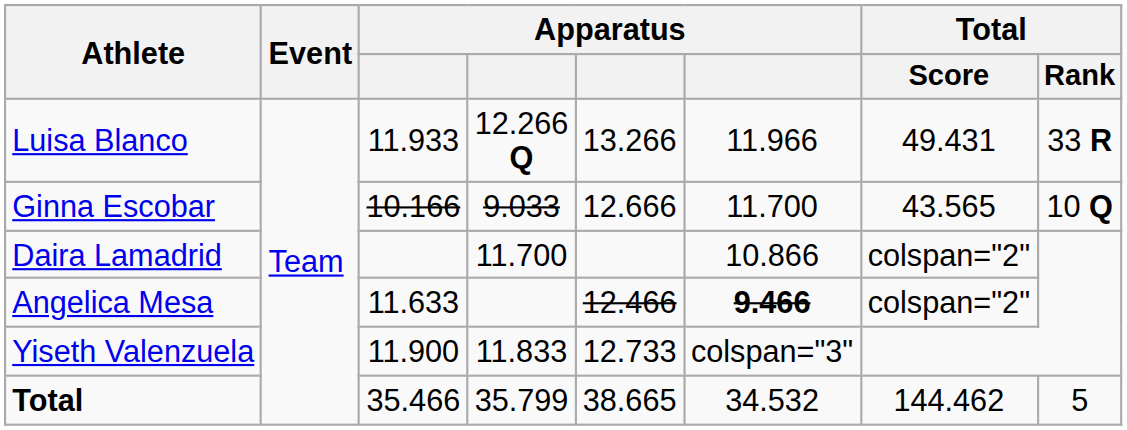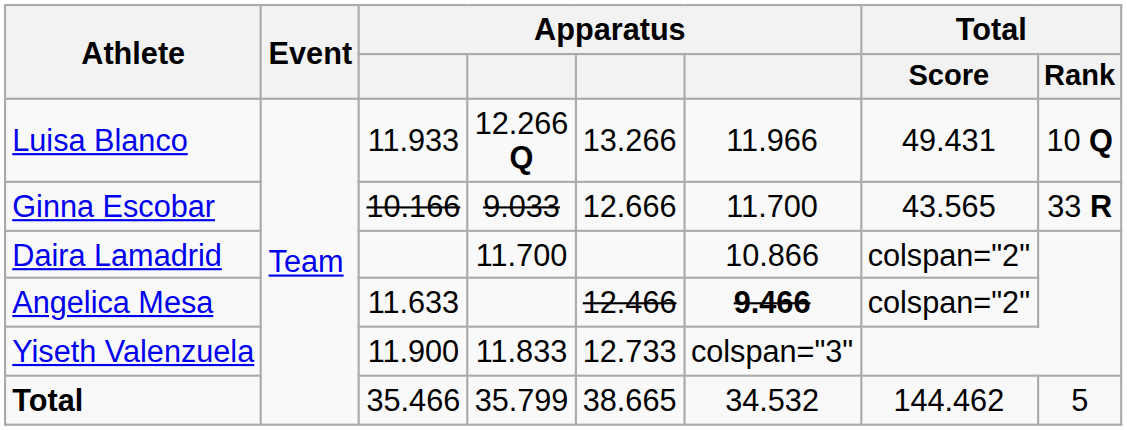 <table class=wikitable style=font-size:90%;text-align:center>
 <tr>
 <th rowspan=2>Athlete</th>
 <th rowspan=2>Event</th>
 <th colspan=4>Apparatus</th>
 <th colspan=2>Total</th>
 </tr>
 <tr style=font-size:95%>
 <th></th>
 <th></th>
 <th></th>
 <th></th>
 <th>Score</th>
 <th>Rank</th>
 </tr>
 <tr align=center>
 <td align=left><a href='#'>Luisa Blanco</a></td>
 <td style="text-align:left;" rowspan="6"><a href='#'>Team</a></td>
 <td>11.933</td>
 <td>12.266<br><strong>Q</strong></td>
 <td>13.266</td>
 <td>11.966</td>
 <td>49.431</td>
-<td>33 <strong>R</strong></td>
+<td>10 <strong>Q</strong></td>
 </tr>
 <tr align=center>
 <td align=left><a href='#'>Ginna Escobar</a></td>
 <td><s>10.166</s></td>
 <td><s>9.033</s></td>
 <td>12.666</td>
 <td>11.700</td>
 <td>43.565</td>
-<td>10 <strong>Q</strong></td>
+<td>33 <strong>R</strong></td>
 </tr>
 <tr align=center>
 <td align=left><a href='#'>Daira Lamadrid</a></td>
 <td></td>
 <td>11.700</td>
 <td></td>
 <td>10.866</td>
 <td>colspan="2" </td>
 </tr>
 <tr align=center>
 <td align=left><a href='#'>Angelica Mesa</a></td>
 <td>11.633</td>
 <td></td>
 <td><s>12.466</s></td>
 <td><strong><s>9.466</s></strong></td>
 <td>colspan="2" </td>
 </tr>
 <tr align=center>
 <td align=left><a href='#'>Yiseth Valenzuela</a></td>
 <td>11.900</td>
 <td>11.833</td>
 <td>12.733</td>
 <td>colspan="3" </td>
 </tr>
 <tr align=center>
 <td align=left><strong>Total</strong></td>
 <td>35.466</td>
 <td>35.799</td>
 <td>38.665</td>
 <td>34.532</td>
 <td>144.462</td>
 <td>5</td>
 </tr>
 </table>
